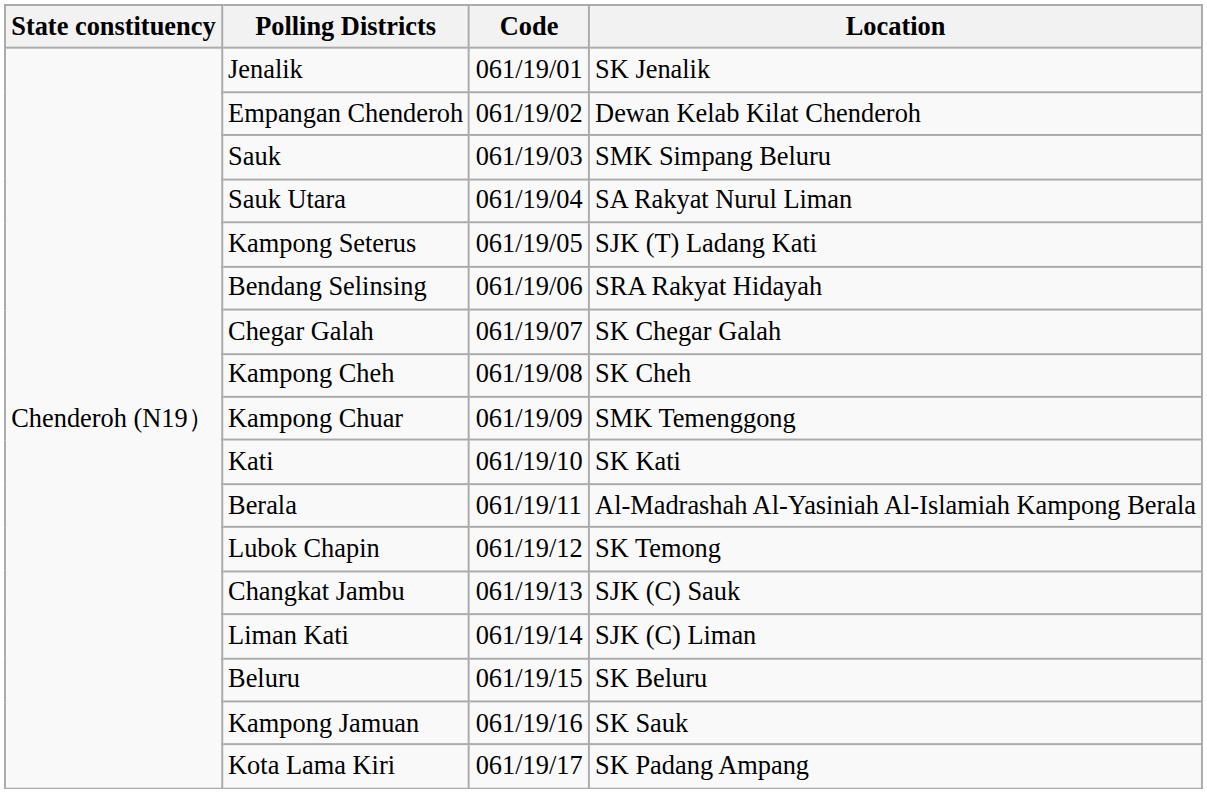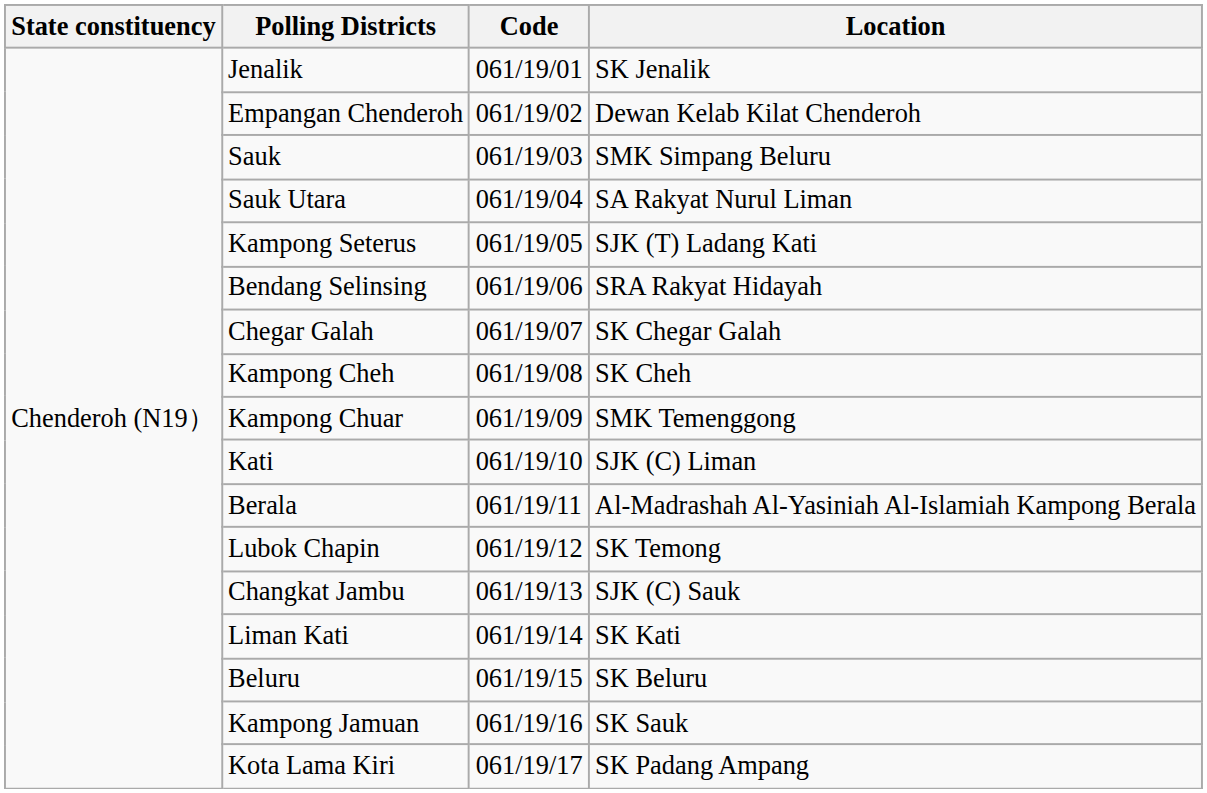 <table class="wikitable sortable mw-collapsible" style="white-space:nowrap;font-size:85%">
 <tr>
 <th>State constituency</th>
 <th>Polling Districts</th>
 <th>Code</th>
 <th>Location</th>
 </tr>
 <tr>
 <td rowspan="17">Chenderoh (N19）</td>
 <td>Jenalik</td>
 <td>061/19/01</td>
 <td>SK Jenalik</td>
 </tr>
 <tr>
 <td>Empangan Chenderoh</td>
 <td>061/19/02</td>
 <td>Dewan Kelab Kilat Chenderoh</td>
 </tr>
 <tr>
 <td>Sauk</td>
 <td>061/19/03</td>
 <td>SMK Simpang Beluru</td>
 </tr>
 <tr>
 <td>Sauk Utara</td>
 <td>061/19/04</td>
 <td>SA Rakyat Nurul Liman</td>
 </tr>
 <tr>
 <td>Kampong Seterus</td>
 <td>061/19/05</td>
 <td>SJK (T) Ladang Kati</td>
 </tr>
 <tr>
 <td>Bendang Selinsing</td>
 <td>061/19/06</td>
 <td>SRA Rakyat Hidayah</td>
 </tr>
 <tr>
 <td>Chegar Galah</td>
 <td>061/19/07</td>
 <td>SK Chegar Galah</td>
 </tr>
 <tr>
 <td>Kampong Cheh</td>
 <td>061/19/08</td>
 <td>SK Cheh</td>
 </tr>
 <tr>
 <td>Kampong Chuar</td>
 <td>061/19/09</td>
 <td>SMK Temenggong</td>
 </tr>
 <tr>
 <td>Kati</td>
 <td>061/19/10</td>
-<td>SK Kati</td>
+<td>SJK (C) Liman</td>
 </tr>
 <tr>
 <td>Berala</td>
 <td>061/19/11</td>
 <td>Al-Madrashah Al-Yasiniah Al-Islamiah Kampong Berala</td>
 </tr>
 <tr>
 <td>Lubok Chapin</td>
 <td>061/19/12</td>
 <td>SK Temong</td>
 </tr>
 <tr>
 <td>Changkat Jambu</td>
 <td>061/19/13</td>
 <td>SJK (C) Sauk</td>
 </tr>
 <tr>
 <td>Liman Kati</td>
 <td>061/19/14</td>
-<td>SJK (C) Liman</td>
+<td>SK Kati</td>
 </tr>
 <tr>
 <td>Beluru</td>
 <td>061/19/15</td>
 <td>SK Beluru</td>
 </tr>
 <tr>
 <td>Kampong Jamuan</td>
 <td>061/19/16</td>
 <td>SK Sauk</td>
 </tr>
 <tr>
 <td>Kota Lama Kiri</td>
 <td>061/19/17</td>
 <td>SK Padang Ampang</td>
 </tr>
 </table>
